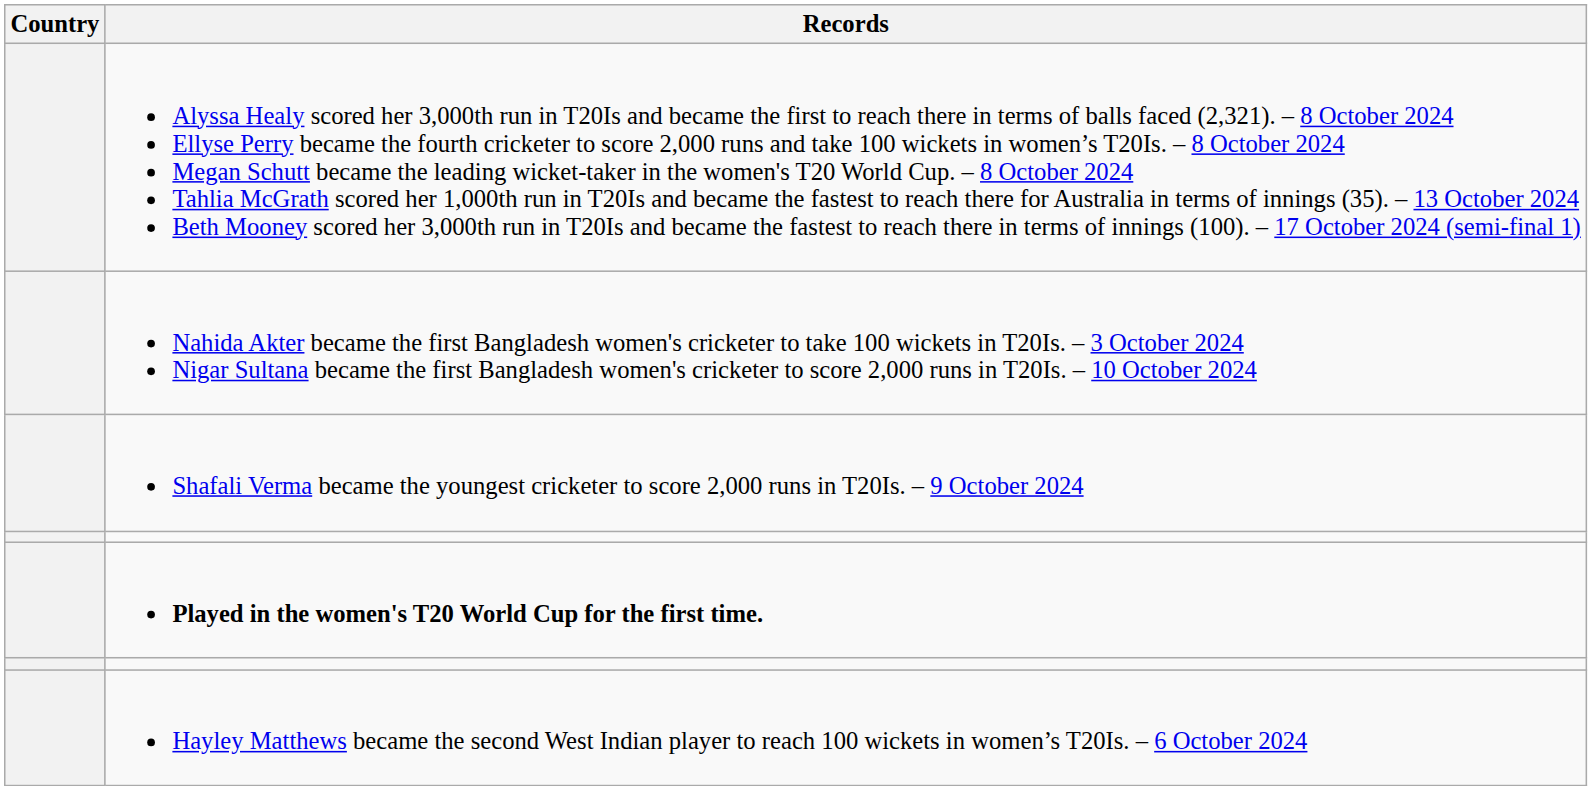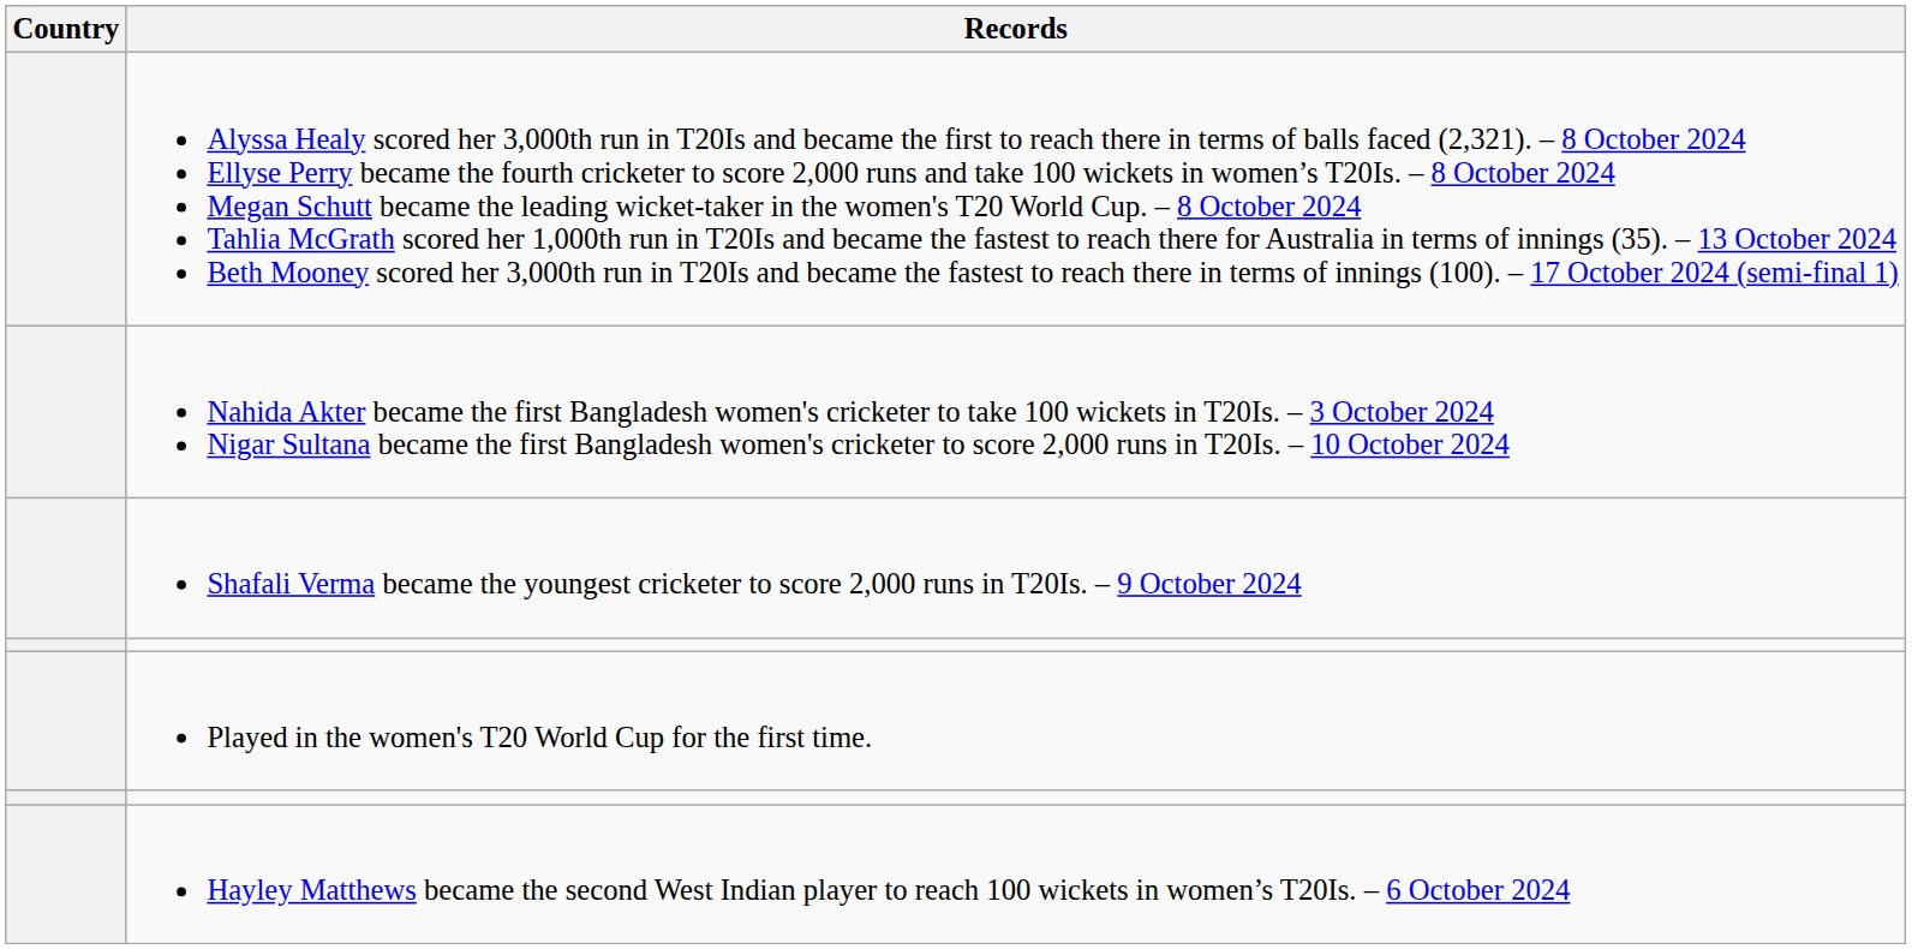 <table class="wikitable">
 <tr>
 <th scope="col">Country</th>
 <th scope="col">Records</th>
 </tr>
 <tr>
 <th scope="row"></th>
 <td><br><ul><li><a href='#'>Alyssa Healy</a> scored her 3,000th run in T20Is and became the first to reach there in terms of balls faced (2,321). – <a href='#'>8 October 2024</a></li><li><a href='#'>Ellyse Perry</a> became the fourth cricketer to score 2,000 runs and take 100 wickets in women’s T20Is. – <a href='#'>8 October 2024</a></li><li><a href='#'>Megan Schutt</a> became the leading wicket-taker in the women's T20 World Cup. – <a href='#'>8 October 2024</a></li><li><a href='#'>Tahlia McGrath</a> scored her 1,000th run in T20Is and became the fastest to reach there for Australia in terms of innings (35). – <a href='#'>13 October 2024</a></li><li><a href='#'>Beth Mooney</a> scored her 3,000th run in T20Is and became the fastest to reach there in terms of innings (100). – <a href='#'>17 October 2024 (semi-final 1)</a></li></ul></td>
 </tr>
 <tr>
 <th scope="row"></th>
 <td><br><ul><li><a href='#'>Nahida Akter</a> became the first Bangladesh women's cricketer to take 100 wickets in T20Is. – <a href='#'>3 October 2024</a></li><li><a href='#'>Nigar Sultana</a> became the first Bangladesh women's cricketer to score 2,000 runs in T20Is. – <a href='#'>10 October 2024</a></li></ul></td>
 </tr>
 <tr>
 <th scope="row"></th>
 <td><br><ul><li><a href='#'>Shafali Verma</a> became the youngest cricketer to score 2,000 runs in T20Is. – <a href='#'>9 October 2024</a></li></ul></td>
 </tr>
 <tr>
 <th scope="row"></th>
 <td></td>
 </tr>
 <tr>
 <th scope="row"></th>
-<td><strong><br><ul><li>Played in the women's T20 World Cup for the first time.</li></ul></strong></td>
+<td><br><ul><li>Played in the women's T20 World Cup for the first time.</li></ul></td>
 </tr>
 <tr>
 <th scope="row"></th>
 <td></td>
 </tr>
 <tr>
 <th scope="row"></th>
 <td><br><ul><li><a href='#'>Hayley Matthews</a> became the second West Indian player to reach 100 wickets in women’s T20Is. – <a href='#'>6 October 2024</a></li></ul></td>
 </tr>
 </table>
